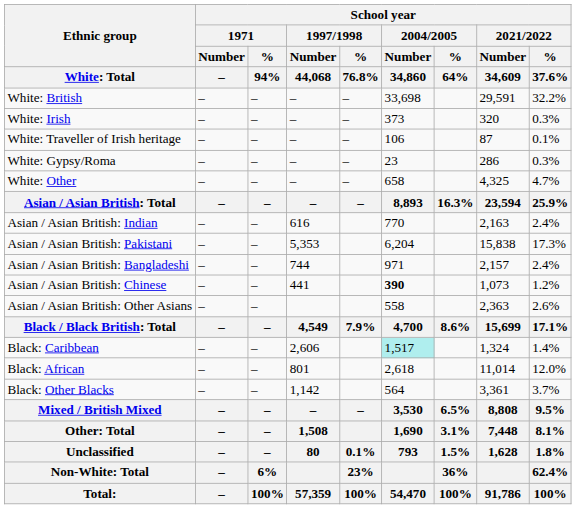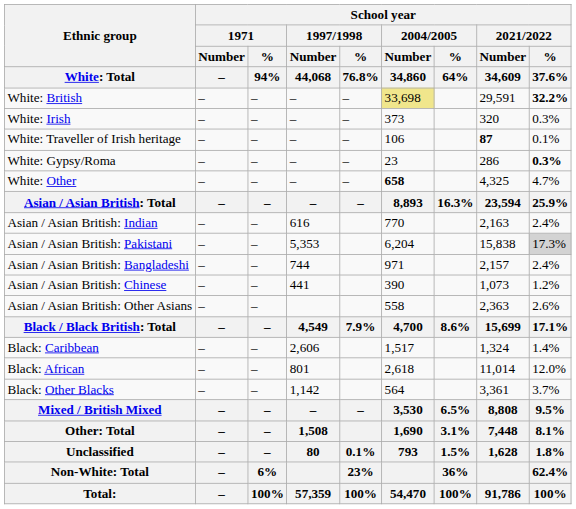 <table class="wikitable mw-collapsible mw-collapsed">
 <tr>
 <th rowspan="3">Ethnic group</th>
 <th colspan="8">School year</th>
 </tr>
 <tr>
 <th colspan="2">1971</th>
 <th colspan="2">1997/1998</th>
 <th colspan="2">2004/2005</th>
 <th colspan="2">2021/2022</th>
 </tr>
 <tr>
 <th>Number</th>
 <th>%</th>
 <th>Number</th>
 <th>%</th>
 <th>Number</th>
 <th>%</th>
 <th>Number</th>
 <th>%</th>
 </tr>
 <tr>
 <th><a href='#'>White</a>: Total</th>
 <th>–</th>
 <th>94%</th>
 <th>44,068</th>
 <th>76.8%</th>
 <th>34,860</th>
 <th>64%</th>
 <th>34,609</th>
 <th>37.6%</th>
 </tr>
 <tr>
 <td>White: <a href='#'>British</a></td>
 <td>–</td>
 <td>–</td>
 <td>–</td>
 <td>–</td>
-<td>33,698</td>
+<td style="background: khaki;">33,698</td>
 <td></td>
 <td>29,591</td>
-<td>32.2%</td>
+<td><strong>32.2%</strong></td>
 </tr>
 <tr>
 <td>White: <a href='#'>Irish</a></td>
 <td>–</td>
 <td>–</td>
 <td>–</td>
 <td>–</td>
 <td>373</td>
 <td></td>
 <td>320</td>
 <td>0.3%</td>
 </tr>
 <tr>
 <td>White: Traveller of Irish heritage</td>
 <td>–</td>
 <td>–</td>
 <td>–</td>
 <td>–</td>
 <td>106</td>
 <td></td>
-<td>87</td>
+<td><strong>87</strong></td>
 <td>0.1%</td>
 </tr>
 <tr>
 <td>White: Gypsy/Roma</td>
 <td>–</td>
 <td>–</td>
 <td>–</td>
 <td>–</td>
 <td>23</td>
 <td></td>
 <td>286</td>
-<td>0.3%</td>
+<td><strong>0.3%</strong></td>
 </tr>
 <tr>
 <td>White: <a href='#'>Other</a></td>
 <td>–</td>
 <td>–</td>
 <td>–</td>
 <td>–</td>
-<td>658</td>
+<td><strong>658</strong></td>
 <td></td>
 <td>4,325</td>
 <td>4.7%</td>
 </tr>
 <tr>
 <th><a href='#'>Asian / Asian British</a>: Total</th>
 <th>–</th>
 <th>–</th>
 <th>–</th>
 <th>–</th>
 <th>8,893</th>
 <th>16.3%</th>
 <th>23,594</th>
 <th>25.9%</th>
 </tr>
 <tr>
 <td>Asian / Asian British: <a href='#'>Indian</a></td>
 <td>–</td>
 <td>–</td>
 <td>616</td>
 <td></td>
 <td>770</td>
 <td></td>
 <td>2,163</td>
 <td>2.4%</td>
 </tr>
 <tr>
 <td>Asian / Asian British: <a href='#'>Pakistani</a></td>
 <td>–</td>
 <td>–</td>
 <td>5,353</td>
 <td></td>
 <td>6,204</td>
 <td></td>
 <td>15,838</td>
-<td>17.3%</td>
+<td style="background: lightgrey;">17.3%</td>
 </tr>
 <tr>
 <td>Asian / Asian British: <a href='#'>Bangladeshi</a></td>
 <td>–</td>
 <td>–</td>
 <td>744</td>
 <td></td>
 <td>971</td>
 <td></td>
 <td>2,157</td>
 <td>2.4%</td>
 </tr>
 <tr>
 <td>Asian / Asian British: <a href='#'>Chinese</a></td>
 <td>–</td>
 <td>–</td>
 <td>441</td>
 <td></td>
-<td><strong>390</strong></td>
+<td>390</td>
 <td></td>
 <td>1,073</td>
 <td>1.2%</td>
 </tr>
 <tr>
 <td>Asian / Asian British: Other Asians</td>
 <td>–</td>
 <td>–</td>
 <td></td>
 <td></td>
 <td>558</td>
 <td></td>
 <td>2,363</td>
 <td>2.6%</td>
 </tr>
 <tr>
 <th><a href='#'>Black / Black British</a>: Total</th>
 <th>–</th>
 <th>–</th>
 <th>4,549</th>
 <th>7.9%</th>
 <th>4,700</th>
 <th>8.6%</th>
 <th>15,699</th>
 <th>17.1%</th>
 </tr>
 <tr>
 <td>Black: <a href='#'>Caribbean</a></td>
 <td>–</td>
 <td>–</td>
 <td>2,606</td>
 <td></td>
-<td style="background: paleturquoise;">1,517</td>
+<td>1,517</td>
 <td></td>
 <td>1,324</td>
 <td>1.4%</td>
 </tr>
 <tr>
 <td>Black: <a href='#'>African</a></td>
 <td>–</td>
 <td>–</td>
 <td>801</td>
 <td></td>
 <td>2,618</td>
 <td></td>
 <td>11,014</td>
 <td>12.0%</td>
 </tr>
 <tr>
 <td>Black: <a href='#'>Other Blacks</a></td>
 <td>–</td>
 <td>–</td>
 <td>1,142</td>
 <td></td>
 <td>564</td>
 <td></td>
 <td>3,361</td>
 <td>3.7%</td>
 </tr>
 <tr>
 <th><a href='#'>Mixed / British Mixed</a></th>
 <th>–</th>
 <th>–</th>
 <th>–</th>
 <th>–</th>
 <th>3,530</th>
 <th>6.5%</th>
 <th>8,808</th>
 <th>9.5%</th>
 </tr>
 <tr>
 <th>Other: Total</th>
 <th>–</th>
 <th>–</th>
 <th>1,508 </th>
 <th></th>
 <th>1,690</th>
 <th>3.1%</th>
 <th>7,448</th>
 <th>8.1%</th>
 </tr>
 <tr>
 <th>Unclassified</th>
 <th>–</th>
 <th>–</th>
 <th>80</th>
 <th>0.1%</th>
 <th>793</th>
 <th>1.5%</th>
 <th>1,628</th>
 <th>1.8%</th>
 </tr>
 <tr>
 <th>Non-White: Total</th>
 <th>–</th>
 <th>6%</th>
 <th></th>
 <th>23%</th>
 <th></th>
 <th>36%</th>
 <th></th>
 <th>62.4%</th>
 </tr>
 <tr>
 <th>Total:</th>
 <th>–</th>
 <th>100%</th>
 <th>57,359</th>
 <th>100%</th>
 <th>54,470</th>
 <th>100%</th>
 <th>91,786</th>
 <th>100%</th>
 </tr>
 </table>
